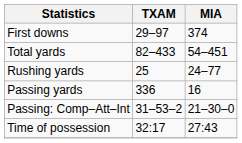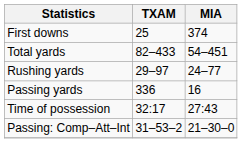 <table class="wikitable" style="float: left;">
 <tr>
 <th>Statistics</th>
 <th>TXAM</th>
 <th>MIA</th>
 </tr>
 <tr>
 <td>First downs</td>
-<td>29–97</td>
+<td>25</td>
 <td>374</td>
 </tr>
 <tr>
 <td>Total yards</td>
 <td>82–433</td>
 <td>54–451</td>
 </tr>
 <tr>
 <td>Rushing yards</td>
-<td>25</td>
+<td>29–97</td>
 <td>24–77</td>
 </tr>
 <tr>
 <td>Passing yards</td>
 <td>336</td>
 <td>16</td>
 </tr>
 <tr>
+<td>Time of possession</td>
+<td>32:17</td>
+<td>27:43</td>
+</tr>
+<tr>
 <td>Passing: Comp–Att–Int</td>
 <td>31–53–2</td>
 <td>21–30–0</td>
 </tr>
 <tr>
-<td>Time of possession</td>
-<td>32:17</td>
-<td>27:43</td>
-</tr>
-<tr>
 </tr>
 </table>
